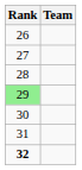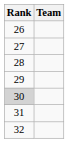 <table class=wikitable>
 <tr>
 <th>Rank</th>
 <th>Team</th>
 </tr>
 <tr>
 <td align=center>26</td>
 <td></td>
 </tr>
 <tr>
 <td align=center>27</td>
 <td></td>
 </tr>
 <tr>
 <td align=center>28</td>
 <td></td>
 </tr>
 <tr>
-<td align=center style="background: lightgreen;">29</td>
+<td align=center>29</td>
 <td></td>
 </tr>
 <tr>
-<td align=center>30</td>
+<td align=center style="background: lightgrey;">30</td>
 <td></td>
 </tr>
 <tr>
 <td align=center>31</td>
 <td></td>
 </tr>
 <tr>
-<td align=center><strong>32</strong></td>
+<td align=center>32</td>
 <td></td>
 </tr>
 </table>
